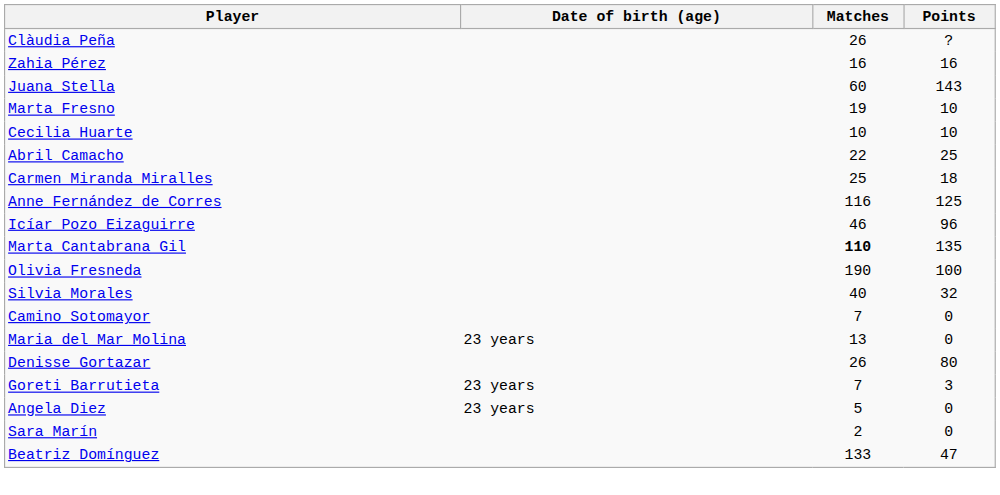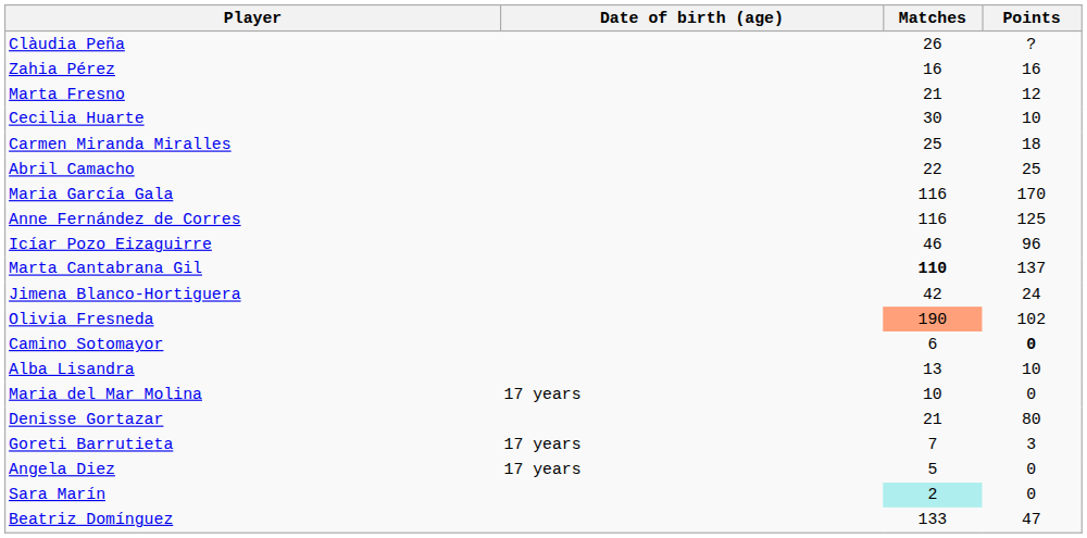 <table class="sortable wikitable plainrowheaders" style="font-size:">
 <tr>
 <th scope="col" style="width:35%">Player</th>
 <th scope="col" style="width:27%">Date of birth (age)</th>
 <th scope="col" style="width:7%">Matches</th>
 <th scope="col" style="width:7%">Points</th>
 </tr>
 <tr>
 <td style="text-align:left; border:0"><a href='#'>Clàudia Peña</a></td>
 <td style="text-align:left; border:0"></td>
 <td style="text-align:center; border:0">26</td>
 <td style="text-align:center; border:0">?</td>
 </tr>
 <tr>
 <td style="text-align:left; border:0"><a href='#'>Zahia Pérez</a></td>
 <td style="text-align:left; border:0"></td>
 <td style="text-align:center; border:0">16</td>
 <td style="text-align:center; border:0">16</td>
 </tr>
 <tr>
-<td style="text-align:left; border:0"><a href='#'>Juana Stella</a></td>
-<td style="text-align:left; border:0"></td>
-<td style="text-align:center; border:0">60</td>
-<td style="text-align:center; border:0">143</td>
-</tr>
-<tr>
 <td style="text-align:left; border:0"><a href='#'>Marta Fresno</a></td>
 <td style="text-align:left; border:0"></td>
-<td style="text-align:center; border:0">19</td>
-<td style="text-align:center; border:0">10</td>
+<td style="text-align:center; border:0">21</td>
+<td style="text-align:center; border:0">12</td>
 </tr>
 <tr>
 <td style="text-align:left; border:0"><a href='#'>Cecilia Huarte</a></td>
 <td style="text-align:left; border:0"></td>
+<td style="text-align:center; border:0">30</td>
 <td style="text-align:center; border:0">10</td>
-<td style="text-align:center; border:0">10</td>
+</tr>
+<tr>
+<td style="text-align:left; border:0"><a href='#'>Carmen Miranda Miralles</a></td>
+<td style="text-align:left; border:0"></td>
+<td style="text-align:center; border:0">25</td>
+<td style="text-align:center; border:0">18</td>
 </tr>
 <tr>
 <td style="text-align:left; border:0"><a href='#'>Abril Camacho</a></td>
 <td style="text-align:left; border:0"></td>
 <td style="text-align:center; border:0">22</td>
 <td style="text-align:center; border:0">25</td>
 </tr>
 <tr>
-<td style="text-align:left; border:0"><a href='#'>Carmen Miranda Miralles</a></td>
+<td style="text-align:left; border:0"><a href='#'>Maria García Gala</a></td>
 <td style="text-align:left; border:0"></td>
-<td style="text-align:center; border:0">25</td>
-<td style="text-align:center; border:0">18</td>
+<td style="text-align:center; border:0">116</td>
+<td style="text-align:center; border:0">170</td>
 </tr>
 <tr>
 <td style="text-align:left; border:0"><a href='#'>Anne Fernández de Corres</a></td>
 <td style="text-align:left; border:0"></td>
 <td style="text-align:center; border:0">116</td>
 <td style="text-align:center; border:0">125</td>
 </tr>
 <tr>
 <td style="text-align:left; border:0"><a href='#'>Icíar Pozo Eizaguirre</a></td>
 <td style="text-align:left; border:0"></td>
 <td style="text-align:center; border:0">46</td>
 <td style="text-align:center; border:0">96</td>
 </tr>
 <tr>
 <td style="text-align:left; border:0"><a href='#'>Marta Cantabrana Gil</a></td>
 <td style="text-align:left; border:0"></td>
 <td style="text-align:center; border:0"><strong>110</strong></td>
-<td style="text-align:center; border:0">135</td>
+<td style="text-align:center; border:0">137</td>
+</tr>
+<tr>
+<td style="text-align:left; border:0"><a href='#'>Jimena Blanco-Hortiguera</a></td>
+<td style="text-align:left; border:0"></td>
+<td style="text-align:center; border:0">42</td>
+<td style="text-align:center; border:0">24</td>
 </tr>
 <tr>
 <td style="text-align:left; border:0"><a href='#'>Olivia Fresneda</a></td>
 <td style="text-align:left; border:0"></td>
-<td style="text-align:center; border:0">190</td>
-<td style="text-align:center; border:0">100</td>
-</tr>
-<tr>
-<td style="text-align:left; border:0"><a href='#'>Silvia Morales</a></td>
-<td style="text-align:left; border:0"></td>
-<td style="text-align:center; border:0">40</td>
-<td style="text-align:center; border:0">32</td>
+<td style="background: lightsalmon; text-align:center; border:0">190</td>
+<td style="text-align:center; border:0">102</td>
 </tr>
 <tr>
 <td style="text-align:left; border:0"><a href='#'>Camino Sotomayor</a></td>
 <td style="text-align:left; border:0"></td>
-<td style="text-align:center; border:0">7</td>
-<td style="text-align:center; border:0">0</td>
+<td style="text-align:center; border:0">6</td>
+<td style="text-align:center; border:0"><strong>0</strong></td>
+</tr>
+<tr>
+<td style="text-align:left; border:0"><a href='#'>Alba Lisandra</a></td>
+<td style="text-align:left; border:0"></td>
+<td style="text-align:center; border:0">13</td>
+<td style="text-align:center; border:0">10</td>
 </tr>
 <tr>
 <td style="text-align:left; border:0"><a href='#'>Maria del Mar Molina</a></td>
-<td style="text-align:left; border:0">23 years</td>
-<td style="text-align:center; border:0">13</td>
+<td style="text-align:left; border:0">17 years</td>
+<td style="text-align:center; border:0">10</td>
 <td style="text-align:center; border:0">0</td>
 </tr>
 <tr>
 <td style="text-align:left; border:0"><a href='#'>Denisse Gortazar</a></td>
 <td style="text-align:left; border:0"></td>
-<td style="text-align:center; border:0">26</td>
+<td style="text-align:center; border:0">21</td>
 <td style="text-align:center; border:0">80</td>
 </tr>
 <tr>
 <td style="text-align:left; border:0"><a href='#'>Goreti Barrutieta</a></td>
-<td style="text-align:left; border:0">23 years</td>
+<td style="text-align:left; border:0">17 years</td>
 <td style="text-align:center; border:0">7</td>
 <td style="text-align:center; border:0">3</td>
 </tr>
 <tr>
 <td style="text-align:left; border:0"><a href='#'>Angela Diez</a></td>
-<td style="text-align:left; border:0">23 years</td>
+<td style="text-align:left; border:0">17 years</td>
 <td style="text-align:center; border:0">5</td>
 <td style="text-align:center; border:0">0</td>
 </tr>
 <tr>
 <td style="text-align:left; border:0"><a href='#'>Sara Marín</a></td>
 <td style="text-align:left; border:0"></td>
-<td style="text-align:center; border:0">2</td>
+<td style="background: paleturquoise; text-align:center; border:0">2</td>
 <td style="text-align:center; border:0">0</td>
 </tr>
 <tr>
 <td style="text-align:left; border:0"><a href='#'>Beatriz Domínguez</a></td>
 <td style="text-align:left; border:0"></td>
 <td style="text-align:center; border:0">133</td>
 <td style="text-align:center; border:0">47</td>
 </tr>
 </table>
